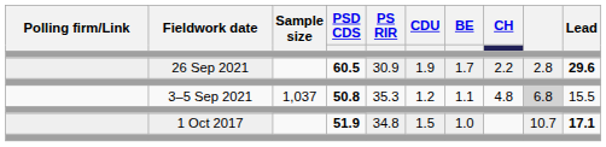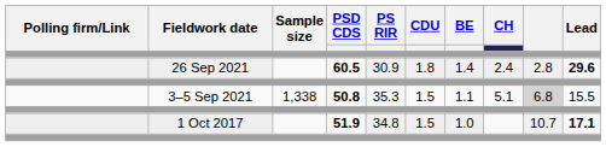 <table class="wikitable sortable mw-datatable" style="text-align:center;font-size:90%;line-height:16px;">
 <tr style="height:42px;">
 <th style="width:145px;" rowspan="2">Polling firm/Link</th>
 <th style="width:125px;" rowspan="2">Fieldwork date</th>
 <th class="unsortable" style="width:50px;" rowspan="2">Sample size</th>
 <th class="unsortable" style="width:35px;"><a href='#'>PSD</a><br><a href='#'>CDS</a></th>
 <th class="unsortable" style="width:35px;"><a href='#'>PS</a><br><a href='#'>RIR</a></th>
 <th class="unsortable" style="width:35px;"><a href='#'>CDU</a></th>
 <th class="unsortable" style="width:35px;"><a href='#'>BE</a></th>
 <th class="unsortable" style="width:35px;"><a href='#'>CH</a></th>
 <th class="unsortable" style="width:35px;" rowspan="2"></th>
 <th class="unsortable" style="width:30px;" rowspan="2">Lead</th>
 </tr>
 <tr>
 <th class="unsortable" style="color:inherit;background:"></th>
 <th class="unsortable" style="color:inherit;background:"></th>
 <th class="unsortable" style="color:inherit;background:"></th>
 <th class="unsortable" style="color:inherit;background:"></th>
 <th class="sortable" style="background:#202056;"></th>
 </tr>
 <tr>
 <td colspan="13" style="background:#A0A0A0"></td>
 </tr>
 <tr>
 <td style="background:#EFEFEF;"><strong></strong></td>
 <td style="background:#EFEFEF;" data-sort-value="2019-10-06">26 Sep 2021</td>
 <td></td>
 <td><strong>60.5</strong><br></td>
 <td style="background:#EFEFEF;">30.9<br></td>
-<td style="background:#EFEFEF;">1.9<br></td>
-<td style="background:#EFEFEF;">1.7<br></td>
-<td style="background:#EFEFEF;">2.2<br></td>
+<td style="background:#EFEFEF;">1.8<br></td>
+<td style="background:#EFEFEF;">1.4<br></td>
+<td style="background:#EFEFEF;">2.4<br></td>
 <td style="background:#EFEFEF;">2.8</td>
 <td style="background:"><strong>29.6</strong></td>
 </tr>
 <tr>
 <td colspan="13" style="background:#A0A0A0"></td>
 </tr>
 <tr>
 <td align="center"><br></td>
 <td align="center">3–5 Sep 2021</td>
-<td align="center">1,037</td>
+<td align="center">1,338</td>
 <td align="center" ><strong>50.8</strong><br></td>
 <td align="center">35.3<br></td>
-<td align="center">1.2<br></td>
+<td align="center">1.5<br></td>
 <td align="center">1.1<br></td>
-<td align="center">4.8<br></td>
+<td align="center">5.1<br></td>
 <td align="center" style="background: lightgrey;">6.8<br></td>
 <td style="background:">15.5</td>
 </tr>
 <tr>
 <td colspan="13" style="background:#A0A0A0"></td>
 </tr>
 <tr>
 <td style="background:#EFEFEF;"><strong></strong></td>
 <td style="background:#EFEFEF;" data-sort-value="2019-10-06">1 Oct 2017</td>
 <td></td>
 <td><strong>51.9</strong><br></td>
 <td style="background:#EFEFEF;">34.8<br></td>
 <td style="background:#EFEFEF;">1.5<br></td>
 <td style="background:#EFEFEF;">1.0<br></td>
 <td></td>
 <td style="background:#EFEFEF;">10.7<br></td>
 <td style="background:"><strong>17.1</strong></td>
 </tr>
 <tr>
 <td colspan="13" style="background:#A0A0A0"></td>
 </tr>
 </table>
